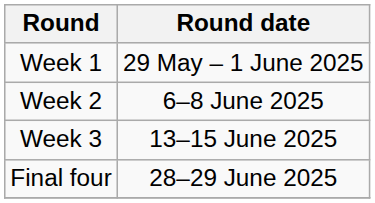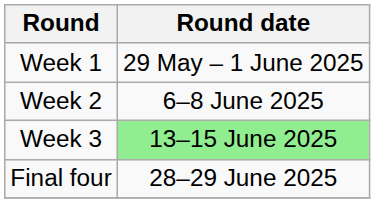 <table class="wikitable" style="text-align:center">
 <tr>
 <th>Round</th>
 <th>Round date</th>
 </tr>
 <tr>
 <td>Week 1</td>
 <td>29 May – 1 June 2025</td>
 </tr>
 <tr>
 <td>Week 2</td>
 <td>6–8 June 2025</td>
 </tr>
 <tr>
 <td>Week 3</td>
-<td>13–15 June 2025</td>
+<td style="background: lightgreen;">13–15 June 2025</td>
 </tr>
 <tr>
 <td>Final four</td>
 <td>28–29 June 2025</td>
 </tr>
 <tr>
 </tr>
 </table>
